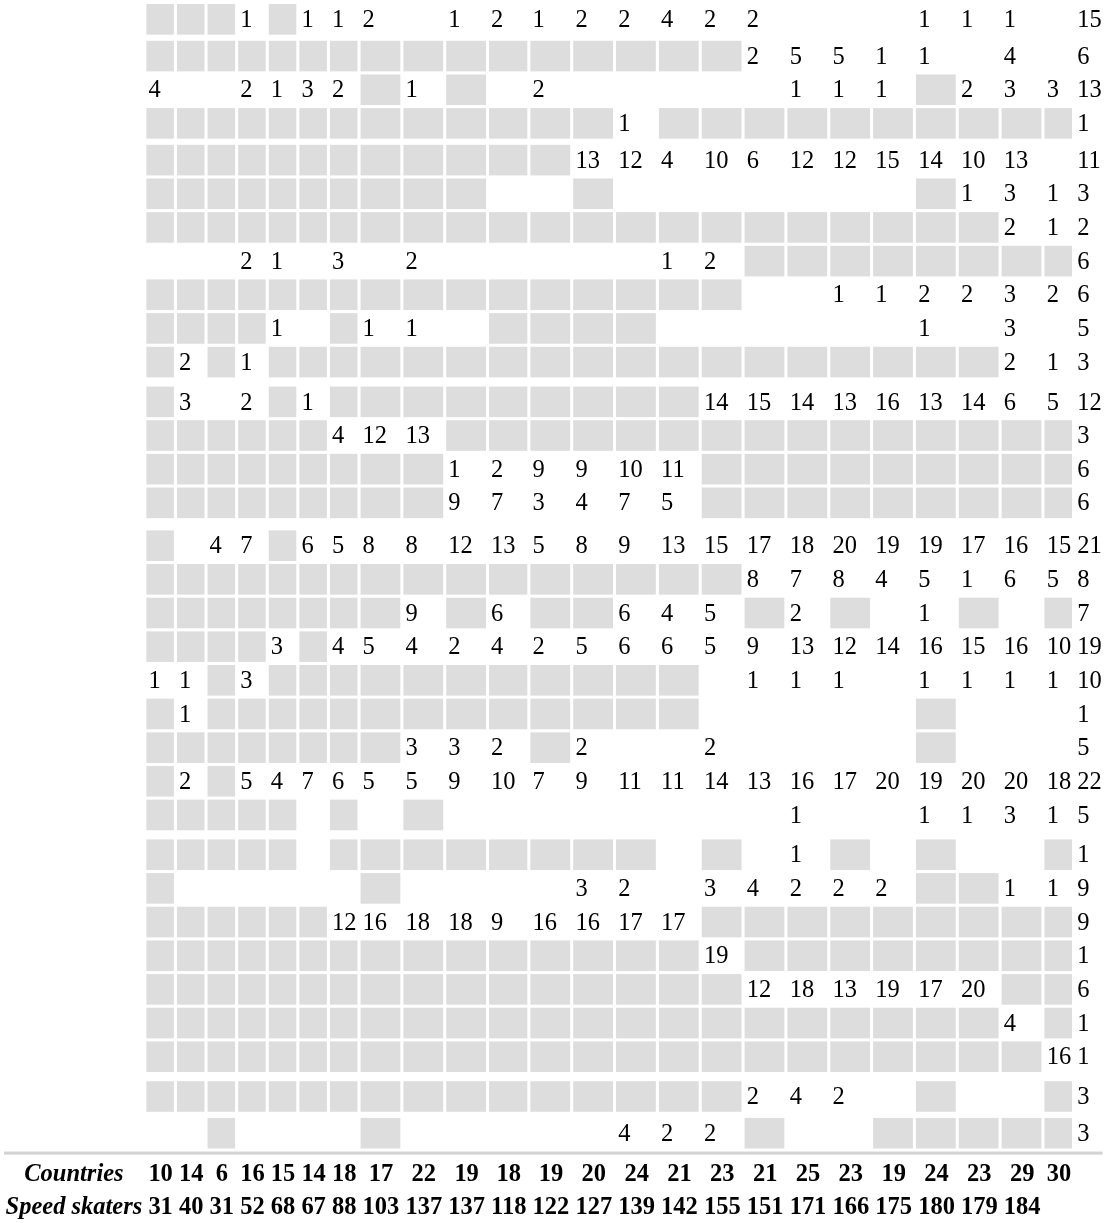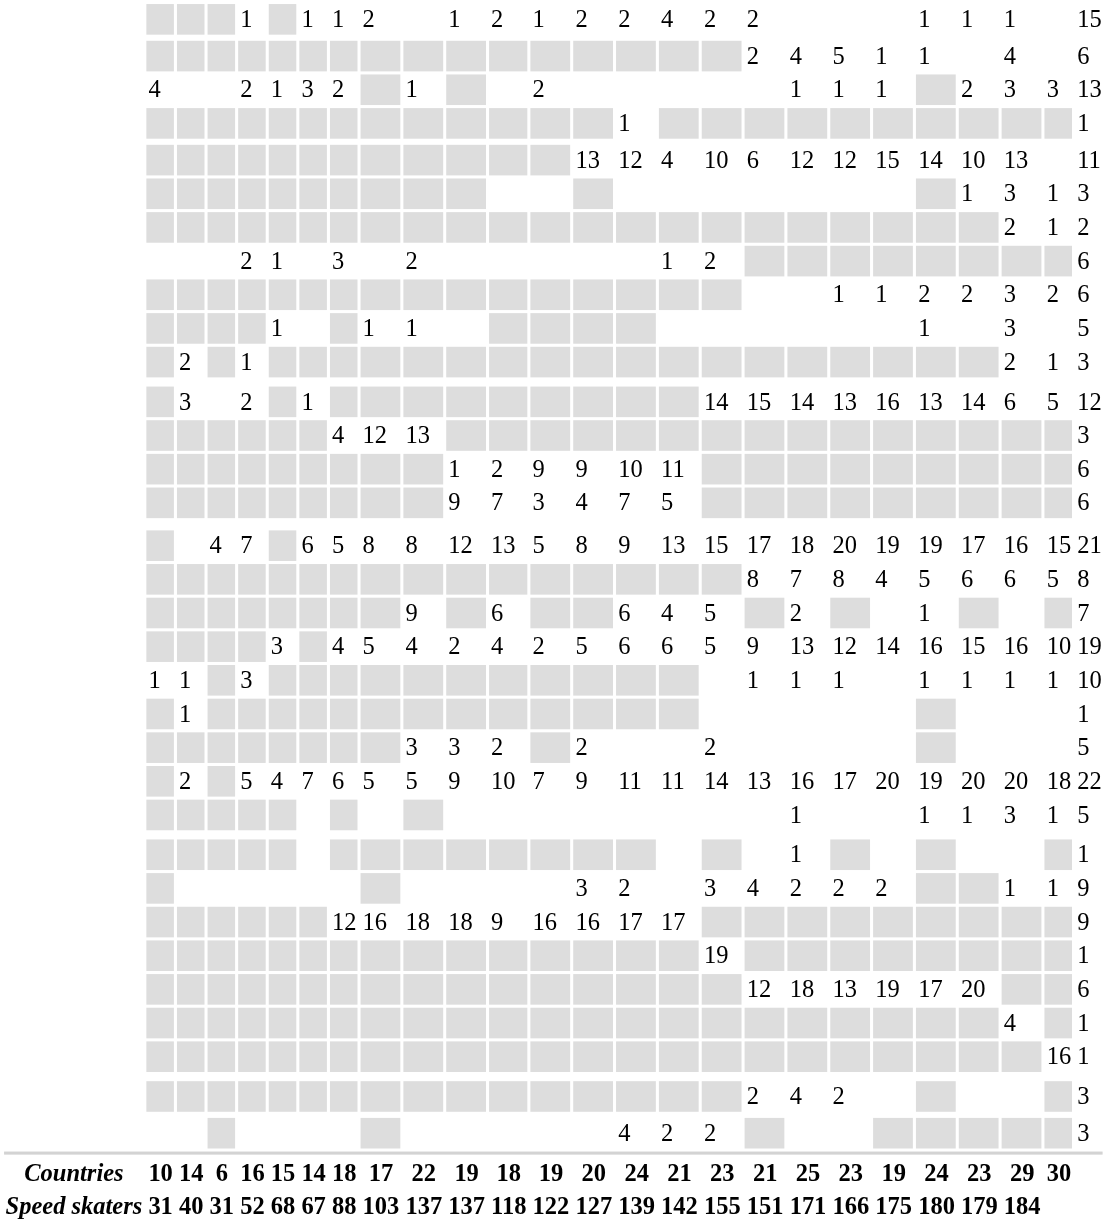 <table>
 <tr>
 <td align=left></td>
 <td style="background:#ddd"></td>
 <td style="background:#ddd"></td>
 <td style="background:#ddd"></td>
 <td>1</td>
 <td style="background:#ddd"></td>
 <td>1</td>
 <td>1</td>
 <td>2</td>
 <td></td>
 <td>1</td>
 <td>2</td>
 <td>1</td>
 <td>2</td>
 <td>2</td>
 <td>4</td>
 <td>2</td>
 <td>2</td>
 <td></td>
 <td></td>
 <td></td>
 <td>1</td>
 <td>1</td>
 <td>1</td>
 <td></td>
 <td>15</td>
 </tr>
 <tr>
 </tr>
 <tr>
 <td align=left></td>
 <td style="background:#ddd"></td>
 <td style="background:#ddd"></td>
 <td style="background:#ddd"></td>
 <td style="background:#ddd"></td>
 <td style="background:#ddd"></td>
 <td style="background:#ddd"></td>
 <td style="background:#ddd"></td>
 <td style="background:#ddd"></td>
 <td style="background:#ddd"></td>
 <td style="background:#ddd"></td>
 <td style="background:#ddd"></td>
 <td style="background:#ddd"></td>
 <td style="background:#ddd"></td>
 <td style="background:#ddd"></td>
 <td style="background:#ddd"></td>
 <td style="background:#ddd"></td>
 <td>2</td>
-<td>5</td>
+<td>4</td>
 <td>5</td>
 <td>1</td>
 <td>1</td>
 <td></td>
 <td>4</td>
 <td></td>
 <td>6</td>
 </tr>
 <tr>
 <td align=left></td>
 <td>4</td>
 <td></td>
 <td></td>
 <td>2</td>
 <td>1</td>
 <td>3</td>
 <td>2</td>
 <td style="background:#ddd"></td>
 <td>1</td>
 <td style="background:#ddd"></td>
 <td></td>
 <td>2</td>
 <td></td>
 <td></td>
 <td></td>
 <td></td>
 <td></td>
 <td>1</td>
 <td>1</td>
 <td>1</td>
 <td style="background:#ddd"></td>
 <td>2</td>
 <td>3</td>
 <td>3</td>
 <td>13</td>
 </tr>
 <tr>
 <td align=left></td>
 <td style="background:#ddd"></td>
 <td style="background:#ddd"></td>
 <td style="background:#ddd"></td>
 <td style="background:#ddd"></td>
 <td style="background:#ddd"></td>
 <td style="background:#ddd"></td>
 <td style="background:#ddd"></td>
 <td style="background:#ddd"></td>
 <td style="background:#ddd"></td>
 <td style="background:#ddd"></td>
 <td style="background:#ddd"></td>
 <td style="background:#ddd"></td>
 <td style="background:#ddd"></td>
 <td>1</td>
 <td style="background:#ddd"></td>
 <td style="background:#ddd"></td>
 <td style="background:#ddd"></td>
 <td style="background:#ddd"></td>
 <td style="background:#ddd"></td>
 <td style="background:#ddd"></td>
 <td style="background:#ddd"></td>
 <td style="background:#ddd"></td>
 <td style="background:#ddd"></td>
 <td style="background:#ddd"></td>
 <td>1</td>
 </tr>
 <tr>
 </tr>
 <tr>
 <td align=left></td>
 <td style="background:#ddd"></td>
 <td style="background:#ddd"></td>
 <td style="background:#ddd"></td>
 <td style="background:#ddd"></td>
 <td style="background:#ddd"></td>
 <td style="background:#ddd"></td>
 <td style="background:#ddd"></td>
 <td style="background:#ddd"></td>
 <td style="background:#ddd"></td>
 <td style="background:#ddd"></td>
 <td style="background:#ddd"></td>
 <td style="background:#ddd"></td>
 <td>13</td>
 <td>12</td>
 <td>4</td>
 <td>10</td>
 <td>6</td>
 <td>12</td>
 <td>12</td>
 <td>15</td>
 <td>14</td>
 <td>10</td>
 <td>13</td>
 <td></td>
 <td>11</td>
 </tr>
 <tr>
 <td align=left></td>
 <td style="background:#ddd"></td>
 <td style="background:#ddd"></td>
 <td style="background:#ddd"></td>
 <td style="background:#ddd"></td>
 <td style="background:#ddd"></td>
 <td style="background:#ddd"></td>
 <td style="background:#ddd"></td>
 <td style="background:#ddd"></td>
 <td style="background:#ddd"></td>
 <td style="background:#ddd"></td>
 <td></td>
 <td></td>
 <td style="background:#ddd"></td>
 <td></td>
 <td></td>
 <td></td>
 <td></td>
 <td></td>
 <td></td>
 <td></td>
 <td style="background:#ddd"></td>
 <td>1</td>
 <td>3</td>
 <td>1</td>
 <td>3</td>
 </tr>
 <tr>
 <td align=left></td>
 <td style="background:#ddd"></td>
 <td style="background:#ddd"></td>
 <td style="background:#ddd"></td>
 <td style="background:#ddd"></td>
 <td style="background:#ddd"></td>
 <td style="background:#ddd"></td>
 <td style="background:#ddd"></td>
 <td style="background:#ddd"></td>
 <td style="background:#ddd"></td>
 <td style="background:#ddd"></td>
 <td style="background:#ddd"></td>
 <td style="background:#ddd"></td>
 <td style="background:#ddd"></td>
 <td style="background:#ddd"></td>
 <td style="background:#ddd"></td>
 <td style="background:#ddd"></td>
 <td style="background:#ddd"></td>
 <td style="background:#ddd"></td>
 <td style="background:#ddd"></td>
 <td style="background:#ddd"></td>
 <td style="background:#ddd"></td>
 <td style="background:#ddd"></td>
 <td>2</td>
 <td>1</td>
 <td>2</td>
 </tr>
 <tr>
 <td align=left></td>
 <td></td>
 <td></td>
 <td></td>
 <td>2</td>
 <td>1</td>
 <td></td>
 <td>3</td>
 <td></td>
 <td>2</td>
 <td></td>
 <td></td>
 <td></td>
 <td></td>
 <td></td>
 <td>1</td>
 <td>2</td>
 <td style="background:#ddd"></td>
 <td style="background:#ddd"></td>
 <td style="background:#ddd"></td>
 <td style="background:#ddd"></td>
 <td style="background:#ddd"></td>
 <td style="background:#ddd"></td>
 <td style="background:#ddd"></td>
 <td style="background:#ddd"></td>
 <td>6</td>
 </tr>
 <tr>
 <td align=left></td>
 <td style="background:#ddd"></td>
 <td style="background:#ddd"></td>
 <td style="background:#ddd"></td>
 <td style="background:#ddd"></td>
 <td style="background:#ddd"></td>
 <td style="background:#ddd"></td>
 <td style="background:#ddd"></td>
 <td style="background:#ddd"></td>
 <td style="background:#ddd"></td>
 <td style="background:#ddd"></td>
 <td style="background:#ddd"></td>
 <td style="background:#ddd"></td>
 <td style="background:#ddd"></td>
 <td style="background:#ddd"></td>
 <td style="background:#ddd"></td>
 <td style="background:#ddd"></td>
 <td></td>
 <td></td>
 <td>1</td>
 <td>1</td>
 <td>2</td>
 <td>2</td>
 <td>3</td>
 <td>2</td>
 <td>6</td>
 </tr>
 <tr>
 <td align=left></td>
 <td style="background:#ddd"></td>
 <td style="background:#ddd"></td>
 <td style="background:#ddd"></td>
 <td style="background:#ddd"></td>
 <td>1</td>
 <td></td>
 <td style="background:#ddd"></td>
 <td>1</td>
 <td>1</td>
 <td></td>
 <td style="background:#ddd"></td>
 <td style="background:#ddd"></td>
 <td style="background:#ddd"></td>
 <td style="background:#ddd"></td>
 <td></td>
 <td></td>
 <td></td>
 <td></td>
 <td></td>
 <td></td>
 <td>1</td>
 <td></td>
 <td>3</td>
 <td></td>
 <td>5</td>
 </tr>
 <tr>
 <td align=left></td>
 <td style="background:#ddd"></td>
 <td>2</td>
 <td style="background:#ddd"></td>
 <td>1</td>
 <td style="background:#ddd"></td>
 <td style="background:#ddd"></td>
 <td style="background:#ddd"></td>
 <td style="background:#ddd"></td>
 <td style="background:#ddd"></td>
 <td style="background:#ddd"></td>
 <td style="background:#ddd"></td>
 <td style="background:#ddd"></td>
 <td style="background:#ddd"></td>
 <td style="background:#ddd"></td>
 <td style="background:#ddd"></td>
 <td style="background:#ddd"></td>
 <td style="background:#ddd"></td>
 <td style="background:#ddd"></td>
 <td style="background:#ddd"></td>
 <td style="background:#ddd"></td>
 <td style="background:#ddd"></td>
 <td style="background:#ddd"></td>
 <td>2</td>
 <td>1</td>
 <td>3</td>
 </tr>
 <tr>
 </tr>
 <tr>
 </tr>
 <tr>
 <td align=left></td>
 <td style="background:#ddd"></td>
 <td>3</td>
 <td></td>
 <td>2</td>
 <td style="background:#ddd"></td>
 <td>1</td>
 <td style="background:#ddd"></td>
 <td style="background:#ddd"></td>
 <td style="background:#ddd"></td>
 <td style="background:#ddd"></td>
 <td style="background:#ddd"></td>
 <td style="background:#ddd"></td>
 <td style="background:#ddd"></td>
 <td style="background:#ddd"></td>
 <td style="background:#ddd"></td>
 <td>14</td>
 <td>15</td>
 <td>14</td>
 <td>13</td>
 <td>16</td>
 <td>13</td>
 <td>14</td>
 <td>6</td>
 <td>5</td>
 <td>12</td>
 </tr>
 <tr>
 <td align=left></td>
 <td style="background:#ddd"></td>
 <td style="background:#ddd"></td>
 <td style="background:#ddd"></td>
 <td style="background:#ddd"></td>
 <td style="background:#ddd"></td>
 <td style="background:#ddd"></td>
 <td>4</td>
 <td>12</td>
 <td>13</td>
 <td style="background:#ddd"></td>
 <td style="background:#ddd"></td>
 <td style="background:#ddd"></td>
 <td style="background:#ddd"></td>
 <td style="background:#ddd"></td>
 <td style="background:#ddd"></td>
 <td style="background:#ddd"></td>
 <td style="background:#ddd"></td>
 <td style="background:#ddd"></td>
 <td style="background:#ddd"></td>
 <td style="background:#ddd"></td>
 <td style="background:#ddd"></td>
 <td style="background:#ddd"></td>
 <td style="background:#ddd"></td>
 <td style="background:#ddd"></td>
 <td>3</td>
 </tr>
 <tr>
 <td align=left></td>
 <td style="background:#ddd"></td>
 <td style="background:#ddd"></td>
 <td style="background:#ddd"></td>
 <td style="background:#ddd"></td>
 <td style="background:#ddd"></td>
 <td style="background:#ddd"></td>
 <td style="background:#ddd"></td>
 <td style="background:#ddd"></td>
 <td style="background:#ddd"></td>
 <td>1</td>
 <td>2</td>
 <td>9</td>
 <td>9</td>
 <td>10</td>
 <td>11</td>
 <td style="background:#ddd"></td>
 <td style="background:#ddd"></td>
 <td style="background:#ddd"></td>
 <td style="background:#ddd"></td>
 <td style="background:#ddd"></td>
 <td style="background:#ddd"></td>
 <td style="background:#ddd"></td>
 <td style="background:#ddd"></td>
 <td style="background:#ddd"></td>
 <td>6</td>
 </tr>
 <tr>
 <td align=left></td>
 <td style="background:#ddd"></td>
 <td style="background:#ddd"></td>
 <td style="background:#ddd"></td>
 <td style="background:#ddd"></td>
 <td style="background:#ddd"></td>
 <td style="background:#ddd"></td>
 <td style="background:#ddd"></td>
 <td style="background:#ddd"></td>
 <td style="background:#ddd"></td>
 <td>9</td>
 <td>7</td>
 <td>3</td>
 <td>4</td>
 <td>7</td>
 <td>5</td>
 <td style="background:#ddd"></td>
 <td style="background:#ddd"></td>
 <td style="background:#ddd"></td>
 <td style="background:#ddd"></td>
 <td style="background:#ddd"></td>
 <td style="background:#ddd"></td>
 <td style="background:#ddd"></td>
 <td style="background:#ddd"></td>
 <td style="background:#ddd"></td>
 <td>6</td>
 </tr>
 <tr>
 </tr>
 <tr>
 </tr>
 <tr>
 </tr>
 <tr>
 <td align=left></td>
 <td style="background:#ddd"></td>
 <td></td>
 <td>4</td>
 <td>7</td>
 <td style="background:#ddd"></td>
 <td>6</td>
 <td>5</td>
 <td>8</td>
 <td>8</td>
 <td>12</td>
 <td>13</td>
 <td>5</td>
 <td>8</td>
 <td>9</td>
 <td>13</td>
 <td>15</td>
 <td>17</td>
 <td>18</td>
 <td>20</td>
 <td>19</td>
 <td>19</td>
 <td>17</td>
 <td>16</td>
 <td>15</td>
 <td>21</td>
 </tr>
 <tr>
 <td align=left></td>
 <td style="background:#ddd"></td>
 <td style="background:#ddd"></td>
 <td style="background:#ddd"></td>
 <td style="background:#ddd"></td>
 <td style="background:#ddd"></td>
 <td style="background:#ddd"></td>
 <td style="background:#ddd"></td>
 <td style="background:#ddd"></td>
 <td style="background:#ddd"></td>
 <td style="background:#ddd"></td>
 <td style="background:#ddd"></td>
 <td style="background:#ddd"></td>
 <td style="background:#ddd"></td>
 <td style="background:#ddd"></td>
 <td style="background:#ddd"></td>
 <td style="background:#ddd"></td>
 <td>8</td>
 <td>7</td>
 <td>8</td>
 <td>4</td>
 <td>5</td>
-<td>1</td>
+<td>6</td>
 <td>6</td>
 <td>5</td>
 <td>8</td>
 </tr>
 <tr>
 <td align=left></td>
 <td style="background:#ddd"></td>
 <td style="background:#ddd"></td>
 <td style="background:#ddd"></td>
 <td style="background:#ddd"></td>
 <td style="background:#ddd"></td>
 <td style="background:#ddd"></td>
 <td style="background:#ddd"></td>
 <td style="background:#ddd"></td>
 <td>9</td>
 <td style="background:#ddd"></td>
 <td>6</td>
 <td style="background:#ddd"></td>
 <td style="background:#ddd"></td>
 <td>6</td>
 <td>4</td>
 <td>5</td>
 <td style="background:#ddd"></td>
 <td>2</td>
 <td style="background:#ddd"></td>
 <td></td>
 <td>1</td>
 <td style="background:#ddd"></td>
 <td></td>
 <td style="background:#ddd"></td>
 <td>7</td>
 </tr>
 <tr>
 <td align=left></td>
 <td style="background:#ddd"></td>
 <td style="background:#ddd"></td>
 <td style="background:#ddd"></td>
 <td style="background:#ddd"></td>
 <td>3</td>
 <td style="background:#ddd"></td>
 <td>4</td>
 <td>5</td>
 <td>4</td>
 <td>2</td>
 <td>4</td>
 <td>2</td>
 <td>5</td>
 <td>6</td>
 <td>6</td>
 <td>5</td>
 <td>9</td>
 <td>13</td>
 <td>12</td>
 <td>14</td>
 <td>16</td>
 <td>15</td>
 <td>16</td>
 <td>10</td>
 <td>19</td>
 </tr>
 <tr>
 <td align=left></td>
 <td>1</td>
 <td>1</td>
 <td style="background:#ddd"></td>
 <td>3</td>
 <td style="background:#ddd"></td>
 <td style="background:#ddd"></td>
 <td style="background:#ddd"></td>
 <td style="background:#ddd"></td>
 <td style="background:#ddd"></td>
 <td style="background:#ddd"></td>
 <td style="background:#ddd"></td>
 <td style="background:#ddd"></td>
 <td style="background:#ddd"></td>
 <td style="background:#ddd"></td>
 <td style="background:#ddd"></td>
 <td></td>
 <td>1</td>
 <td>1</td>
 <td>1</td>
 <td></td>
 <td>1</td>
 <td>1</td>
 <td>1</td>
 <td>1</td>
 <td>10</td>
 </tr>
 <tr>
 <td align=left></td>
 <td style="background:#ddd"></td>
 <td>1</td>
 <td style="background:#ddd"></td>
 <td style="background:#ddd"></td>
 <td style="background:#ddd"></td>
 <td style="background:#ddd"></td>
 <td style="background:#ddd"></td>
 <td style="background:#ddd"></td>
 <td style="background:#ddd"></td>
 <td style="background:#ddd"></td>
 <td style="background:#ddd"></td>
 <td style="background:#ddd"></td>
 <td style="background:#ddd"></td>
 <td style="background:#ddd"></td>
 <td style="background:#ddd"></td>
 <td></td>
 <td></td>
 <td></td>
 <td></td>
 <td></td>
 <td style="background:#ddd"></td>
 <td></td>
 <td></td>
 <td></td>
 <td>1</td>
 </tr>
 <tr>
 <td align=left></td>
 <td style="background:#ddd"></td>
 <td style="background:#ddd"></td>
 <td style="background:#ddd"></td>
 <td style="background:#ddd"></td>
 <td style="background:#ddd"></td>
 <td style="background:#ddd"></td>
 <td style="background:#ddd"></td>
 <td style="background:#ddd"></td>
 <td>3</td>
 <td>3</td>
 <td>2</td>
 <td style="background:#ddd"></td>
 <td>2</td>
 <td></td>
 <td></td>
 <td>2</td>
 <td></td>
 <td></td>
 <td></td>
 <td></td>
 <td style="background:#ddd"></td>
 <td></td>
 <td></td>
 <td></td>
 <td>5</td>
 </tr>
 <tr>
 <td align=left></td>
 <td style="background:#ddd"></td>
 <td>2</td>
 <td style="background:#ddd"></td>
 <td>5</td>
 <td>4</td>
 <td>7</td>
 <td>6</td>
 <td>5</td>
 <td>5</td>
 <td>9</td>
 <td>10</td>
 <td>7</td>
 <td>9</td>
 <td>11</td>
 <td>11</td>
 <td>14</td>
 <td>13</td>
 <td>16</td>
 <td>17</td>
 <td>20</td>
 <td>19</td>
 <td>20</td>
 <td>20</td>
 <td>18</td>
 <td>22</td>
 </tr>
 <tr>
 <td align=left></td>
 <td style="background:#ddd"></td>
 <td style="background:#ddd"></td>
 <td style="background:#ddd"></td>
 <td style="background:#ddd"></td>
 <td style="background:#ddd"></td>
 <td></td>
 <td style="background:#ddd"></td>
 <td></td>
 <td style="background:#ddd"></td>
 <td></td>
 <td></td>
 <td></td>
 <td></td>
 <td></td>
 <td></td>
 <td></td>
 <td></td>
 <td>1</td>
 <td></td>
 <td></td>
 <td>1</td>
 <td>1</td>
 <td>3</td>
 <td>1</td>
 <td>5</td>
 </tr>
 <tr>
 </tr>
 <tr>
 </tr>
 <tr>
 <td align=left></td>
 <td style="background:#ddd"></td>
 <td style="background:#ddd"></td>
 <td style="background:#ddd"></td>
 <td style="background:#ddd"></td>
 <td style="background:#ddd"></td>
 <td></td>
 <td style="background:#ddd"></td>
 <td style="background:#ddd"></td>
 <td style="background:#ddd"></td>
 <td style="background:#ddd"></td>
 <td style="background:#ddd"></td>
 <td style="background:#ddd"></td>
 <td style="background:#ddd"></td>
 <td style="background:#ddd"></td>
 <td></td>
 <td style="background:#ddd"></td>
 <td></td>
 <td>1</td>
 <td style="background:#ddd"></td>
 <td></td>
 <td style="background:#ddd"></td>
 <td></td>
 <td></td>
 <td style="background:#ddd"></td>
 <td>1</td>
 </tr>
 <tr>
 <td align=left></td>
 <td style="background:#ddd"></td>
 <td></td>
 <td></td>
 <td></td>
 <td></td>
 <td></td>
 <td></td>
 <td style="background:#ddd"></td>
 <td></td>
 <td></td>
 <td></td>
 <td></td>
 <td>3</td>
 <td>2</td>
 <td></td>
 <td>3</td>
 <td>4</td>
 <td>2</td>
 <td>2</td>
 <td>2</td>
 <td style="background:#ddd"></td>
 <td style="background:#ddd"></td>
 <td>1</td>
 <td>1</td>
 <td>9</td>
 </tr>
 <tr>
 <td align=left></td>
 <td style="background:#ddd"></td>
 <td style="background:#ddd"></td>
 <td style="background:#ddd"></td>
 <td style="background:#ddd"></td>
 <td style="background:#ddd"></td>
 <td style="background:#ddd"></td>
 <td>12</td>
 <td>16</td>
 <td>18</td>
 <td>18</td>
 <td>9</td>
 <td>16</td>
 <td>16</td>
 <td>17</td>
 <td>17</td>
 <td style="background:#ddd"></td>
 <td style="background:#ddd"></td>
 <td style="background:#ddd"></td>
 <td style="background:#ddd"></td>
 <td style="background:#ddd"></td>
 <td style="background:#ddd"></td>
 <td style="background:#ddd"></td>
 <td style="background:#ddd"></td>
 <td style="background:#ddd"></td>
 <td>9</td>
 </tr>
 <tr>
 <td align=left></td>
 <td style="background:#ddd"></td>
 <td style="background:#ddd"></td>
 <td style="background:#ddd"></td>
 <td style="background:#ddd"></td>
 <td style="background:#ddd"></td>
 <td style="background:#ddd"></td>
 <td style="background:#ddd"></td>
 <td style="background:#ddd"></td>
 <td style="background:#ddd"></td>
 <td style="background:#ddd"></td>
 <td style="background:#ddd"></td>
 <td style="background:#ddd"></td>
 <td style="background:#ddd"></td>
 <td style="background:#ddd"></td>
 <td style="background:#ddd"></td>
 <td>19</td>
 <td style="background:#ddd"></td>
 <td style="background:#ddd"></td>
 <td style="background:#ddd"></td>
 <td style="background:#ddd"></td>
 <td style="background:#ddd"></td>
 <td style="background:#ddd"></td>
 <td style="background:#ddd"></td>
 <td style="background:#ddd"></td>
 <td>1</td>
 </tr>
 <tr>
 <td align=left></td>
 <td style="background:#ddd"></td>
 <td style="background:#ddd"></td>
 <td style="background:#ddd"></td>
 <td style="background:#ddd"></td>
 <td style="background:#ddd"></td>
 <td style="background:#ddd"></td>
 <td style="background:#ddd"></td>
 <td style="background:#ddd"></td>
 <td style="background:#ddd"></td>
 <td style="background:#ddd"></td>
 <td style="background:#ddd"></td>
 <td style="background:#ddd"></td>
 <td style="background:#ddd"></td>
 <td style="background:#ddd"></td>
 <td style="background:#ddd"></td>
 <td style="background:#ddd"></td>
 <td>12</td>
 <td>18</td>
 <td>13</td>
 <td>19</td>
 <td>17</td>
 <td>20</td>
 <td style="background:#ddd"></td>
 <td style="background:#ddd"></td>
 <td>6</td>
 </tr>
 <tr>
 <td align=left></td>
 <td style="background:#ddd"></td>
 <td style="background:#ddd"></td>
 <td style="background:#ddd"></td>
 <td style="background:#ddd"></td>
 <td style="background:#ddd"></td>
 <td style="background:#ddd"></td>
 <td style="background:#ddd"></td>
 <td style="background:#ddd"></td>
 <td style="background:#ddd"></td>
 <td style="background:#ddd"></td>
 <td style="background:#ddd"></td>
 <td style="background:#ddd"></td>
 <td style="background:#ddd"></td>
 <td style="background:#ddd"></td>
 <td style="background:#ddd"></td>
 <td style="background:#ddd"></td>
 <td style="background:#ddd"></td>
 <td style="background:#ddd"></td>
 <td style="background:#ddd"></td>
 <td style="background:#ddd"></td>
 <td style="background:#ddd"></td>
 <td style="background:#ddd"></td>
 <td>4</td>
 <td style="background:#ddd"></td>
 <td>1</td>
 </tr>
 <tr>
 <td align=left> </td>
 <td style="background:#ddd"></td>
 <td style="background:#ddd"></td>
 <td style="background:#ddd"></td>
 <td style="background:#ddd"></td>
 <td style="background:#ddd"></td>
 <td style="background:#ddd"></td>
 <td style="background:#ddd"></td>
 <td style="background:#ddd"></td>
 <td style="background:#ddd"></td>
 <td style="background:#ddd"></td>
 <td style="background:#ddd"></td>
 <td style="background:#ddd"></td>
 <td style="background:#ddd"></td>
 <td style="background:#ddd"></td>
 <td style="background:#ddd"></td>
 <td style="background:#ddd"></td>
 <td style="background:#ddd"></td>
 <td style="background:#ddd"></td>
 <td style="background:#ddd"></td>
 <td style="background:#ddd"></td>
 <td style="background:#ddd"></td>
 <td style="background:#ddd"></td>
 <td style="background:#ddd"></td>
 <td>16</td>
 <td>1</td>
 </tr>
 <tr>
 </tr>
 <tr>
 </tr>
 <tr>
 <td align=left></td>
 <td style="background:#ddd"></td>
 <td style="background:#ddd"></td>
 <td style="background:#ddd"></td>
 <td style="background:#ddd"></td>
 <td style="background:#ddd"></td>
 <td style="background:#ddd"></td>
 <td style="background:#ddd"></td>
 <td style="background:#ddd"></td>
 <td style="background:#ddd"></td>
 <td style="background:#ddd"></td>
 <td style="background:#ddd"></td>
 <td style="background:#ddd"></td>
 <td style="background:#ddd"></td>
 <td style="background:#ddd"></td>
 <td style="background:#ddd"></td>
 <td style="background:#ddd"></td>
 <td>2</td>
 <td>4</td>
 <td>2</td>
 <td></td>
 <td style="background:#ddd"></td>
 <td></td>
 <td></td>
 <td style="background:#ddd"></td>
 <td>3</td>
 </tr>
 <tr>
 </tr>
 <tr>
 <td align=left></td>
 <td></td>
 <td></td>
 <td style="background:#ddd"></td>
 <td></td>
 <td></td>
 <td></td>
 <td></td>
 <td style="background:#ddd"></td>
 <td></td>
 <td></td>
 <td></td>
 <td></td>
 <td></td>
 <td>4</td>
 <td>2</td>
 <td>2</td>
 <td style="background:#ddd"></td>
 <td></td>
 <td></td>
 <td style="background:#ddd"></td>
 <td style="background:#ddd"></td>
 <td style="background:#ddd"></td>
 <td style="background:#ddd"></td>
 <td style="background:#ddd"></td>
 <td>3</td>
 </tr>
 <tr>
 <td colspan=26 bgcolor=lightgray></td>
 </tr>
 <tr>
 <th><em>Countries</em></th>
 <th>10</th>
 <th>14</th>
 <th>6</th>
 <th>16</th>
 <th>15</th>
 <th>14</th>
 <th>18</th>
 <th>17</th>
 <th>22</th>
 <th>19</th>
 <th>18</th>
 <th>19</th>
 <th>20</th>
 <th>24</th>
 <th>21</th>
 <th>23</th>
 <th>21</th>
 <th>25</th>
 <th>23</th>
 <th>19</th>
 <th>24</th>
 <th>23</th>
 <th>29</th>
 <th>30</th>
 <th></th>
 </tr>
 <tr>
 <th><em>Speed skaters</em></th>
 <th>31</th>
 <th>40</th>
 <th>31</th>
 <th>52</th>
 <th>68</th>
 <th>67</th>
 <th>88</th>
 <th>103</th>
 <th>137</th>
 <th>137</th>
 <th>118</th>
 <th>122</th>
 <th>127</th>
 <th>139</th>
 <th>142</th>
 <th>155</th>
 <th>151</th>
 <th>171</th>
 <th>166</th>
 <th>175</th>
 <th>180</th>
 <th>179</th>
 <th>184</th>
 <th></th>
 <th></th>
 </tr>
 <tr>
 </tr>
 </table>
